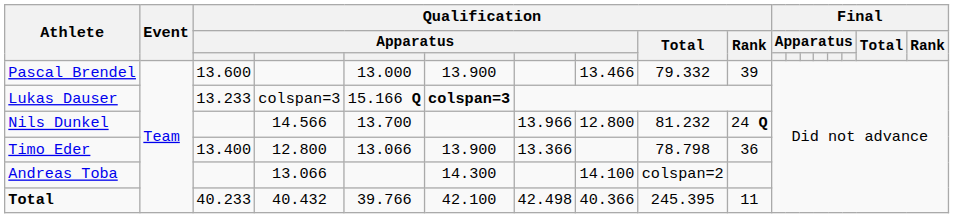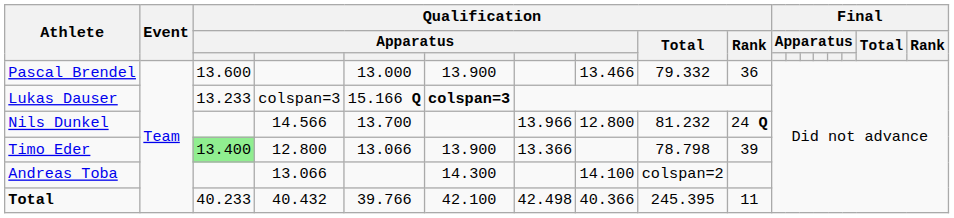 <table class="wikitable" style="font-size:90%">
 <tr>
 <th rowspan=3>Athlete</th>
 <th rowspan=3>Event</th>
 <th colspan =8>Qualification</th>
 <th colspan =8>Final</th>
 </tr>
 <tr style="font-size:95%">
 <th colspan=6>Apparatus</th>
 <th rowspan=2>Total</th>
 <th rowspan=2>Rank</th>
 <th colspan=6>Apparatus</th>
 <th rowspan=2>Total</th>
 <th rowspan=2>Rank</th>
 </tr>
 <tr style="font-size:95%">
 <th></th>
 <th></th>
 <th></th>
 <th></th>
 <th></th>
 <th></th>
 <th></th>
 <th></th>
 <th></th>
 <th></th>
 <th></th>
 <th></th>
 </tr>
 <tr align=center>
 <td align=left><a href='#'>Pascal Brendel</a></td>
 <td align=left rowspan=6><a href='#'>Team</a></td>
 <td>13.600</td>
 <td></td>
 <td>13.000</td>
 <td>13.900</td>
 <td></td>
 <td>13.466</td>
 <td>79.332</td>
-<td>39</td>
+<td>36</td>
 <td colspan=8 rowspan=6>Did not advance</td>
 </tr>
 <tr align=center>
 <td align=left><a href='#'>Lukas Dauser</a></td>
 <td>13.233</td>
 <td>colspan=3 </td>
 <td>15.166 <strong>Q</strong></td>
 <td><strong>colspan=3 </strong></td>
 </tr>
 <tr align=center>
 <td align=left><a href='#'>Nils Dunkel</a></td>
 <td></td>
 <td>14.566</td>
 <td>13.700</td>
 <td></td>
 <td>13.966</td>
 <td>12.800</td>
 <td>81.232</td>
 <td>24 <strong>Q</strong></td>
 </tr>
 <tr align=center>
 <td align=left><a href='#'>Timo Eder</a></td>
-<td>13.400</td>
+<td style="background: lightgreen;">13.400</td>
 <td>12.800</td>
 <td>13.066</td>
 <td>13.900</td>
 <td>13.366</td>
 <td></td>
 <td>78.798</td>
-<td>36</td>
+<td>39</td>
 </tr>
 <tr align=center>
 <td align=left><a href='#'>Andreas Toba</a></td>
 <td></td>
 <td>13.066</td>
 <td></td>
 <td>14.300</td>
 <td></td>
 <td>14.100</td>
 <td>colspan=2 </td>
 </tr>
 <tr align=center>
 <td align=left><strong>Total</strong></td>
 <td>40.233</td>
 <td>40.432</td>
 <td>39.766</td>
 <td>42.100</td>
 <td>42.498</td>
 <td>40.366</td>
 <td>245.395</td>
 <td>11</td>
 </tr>
 </table>
